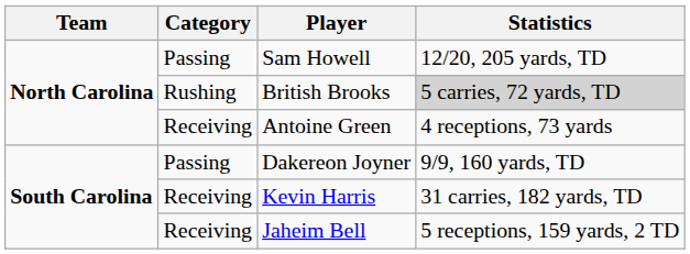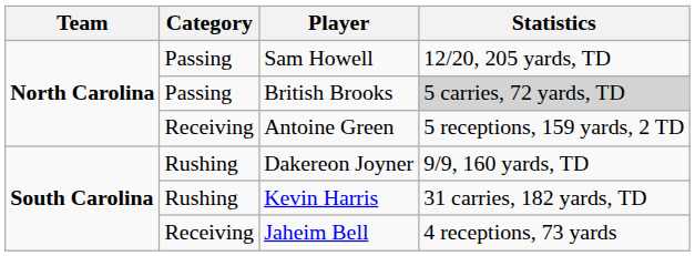 <table class="wikitable" style="float: left;">
 <tr>
 <th>Team</th>
 <th>Category</th>
 <th>Player</th>
 <th>Statistics</th>
 </tr>
 <tr>
 <td rowspan=3><strong>North Carolina</strong></td>
 <td>Passing</td>
 <td>Sam Howell</td>
 <td>12/20, 205 yards, TD</td>
 </tr>
 <tr>
-<td>Rushing</td>
+<td>Passing</td>
 <td>British Brooks</td>
 <td style="background: lightgrey;">5 carries, 72 yards, TD</td>
 </tr>
 <tr>
 <td>Receiving</td>
 <td>Antoine Green</td>
-<td>4 receptions, 73 yards</td>
+<td>5 receptions, 159 yards, 2 TD</td>
 </tr>
 <tr>
 <td rowspan=3><strong>South Carolina</strong></td>
-<td>Passing</td>
+<td>Rushing</td>
 <td>Dakereon Joyner</td>
 <td>9/9, 160 yards, TD</td>
 </tr>
 <tr>
-<td>Receiving</td>
+<td>Rushing</td>
 <td><a href='#'>Kevin Harris</a></td>
 <td>31 carries, 182 yards, TD</td>
 </tr>
 <tr>
 <td>Receiving</td>
 <td><a href='#'>Jaheim Bell</a></td>
-<td>5 receptions, 159 yards, 2 TD</td>
+<td>4 receptions, 73 yards</td>
 </tr>
 </table>
